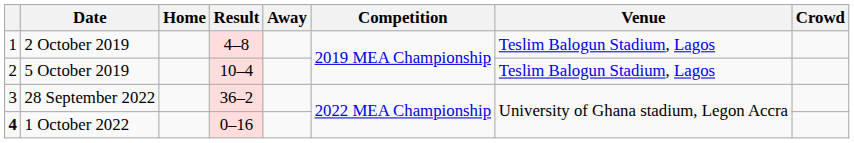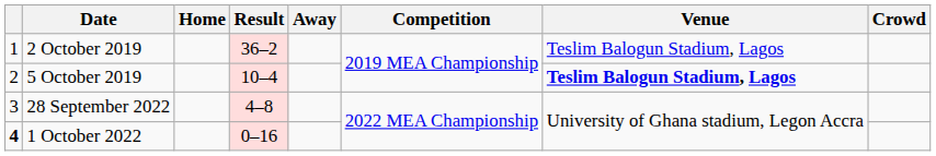 <table class="wikitable">
 <tr>
 <th></th>
 <th>Date</th>
 <th>Home</th>
 <th>Result</th>
 <th>Away</th>
 <th>Competition</th>
 <th>Venue</th>
 <th>Crowd</th>
 </tr>
 <tr>
 <td>1</td>
 <td>2 October 2019</td>
 <td></td>
-<td bgcolor=#FFDDDD align=center>4–8</td>
+<td bgcolor=#FFDDDD  align=center>36–2</td>
 <td><strong></strong></td>
 <td rowspan=2><a href='#'>2019 MEA Championship</a></td>
 <td> <a href='#'>Teslim Balogun Stadium</a>, <a href='#'>Lagos</a></td>
 <td></td>
 </tr>
 <tr>
 <td>2</td>
 <td>5 October 2019</td>
 <td><strong></strong></td>
 <td bgcolor=#FFDDDD  align=center>10–4</td>
 <td></td>
-<td> <a href='#'>Teslim Balogun Stadium</a>, <a href='#'>Lagos</a></td>
+<td><strong> <a href='#'>Teslim Balogun Stadium</a>, <a href='#'>Lagos</a></strong></td>
 <td></td>
 </tr>
 <tr>
 <td>3</td>
 <td>28 September 2022</td>
 <td><strong></strong></td>
-<td bgcolor=#FFDDDD  align=center>36–2</td>
+<td bgcolor=#FFDDDD align=center>4–8</td>
 <td></td>
 <td rowspan=2><a href='#'>2022 MEA Championship</a></td>
 <td rowspan=2>University of Ghana stadium, Legon Accra</td>
 <td></td>
 </tr>
 <tr>
 <td><strong>4</strong></td>
 <td>1 October 2022</td>
 <td><strong></strong></td>
 <td bgcolor=#FFDDDD  align=center>0–16</td>
 <td></td>
 <td></td>
 </tr>
 </table>
